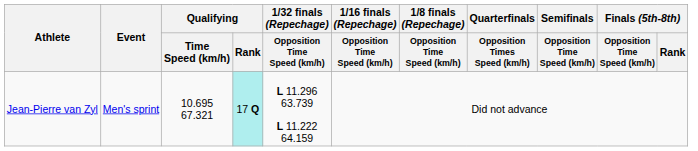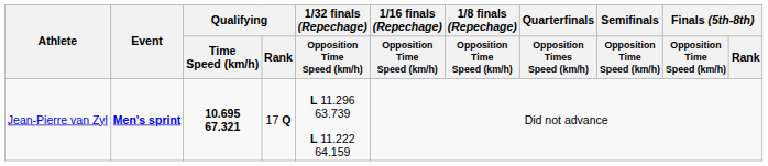 <table class=wikitable style="font-size:90%">
 <tr>
 <th rowspan="2">Athlete</th>
 <th rowspan="2">Event</th>
 <th colspan="2">Qualifying</th>
 <th>1/32 finals<br><em>(Repechage)</em></th>
 <th>1/16 finals<br><em>(Repechage)</em></th>
 <th>1/8 finals<br><em>(Repechage)</em></th>
 <th>Quarterfinals</th>
 <th>Semifinals</th>
 <th colspan="2">Finals <em>(5th-8th)</em></th>
 </tr>
 <tr>
 <th>Time<br>Speed (km/h)</th>
 <th>Rank</th>
 <th style="line-height:1em"><small>Opposition<br>Time<br>Speed (km/h)</small></th>
 <th style="line-height:1em"><small>Opposition<br>Time<br>Speed (km/h)</small></th>
 <th style="line-height:1em"><small>Opposition<br>Time<br>Speed (km/h)</small></th>
 <th style="line-height:1em"><small>Opposition<br>Times<br>Speed (km/h)</small></th>
 <th style="line-height:1em"><small>Opposition<br>Time<br>Speed (km/h)</small></th>
 <th style="line-height:1em"><small>Opposition<br>Time<br>Speed (km/h)</small></th>
 <th>Rank</th>
 </tr>
 <tr>
 <td><a href='#'>Jean-Pierre van Zyl</a></td>
-<td><a href='#'>Men's sprint</a></td>
-<td align=center>10.695<br>67.321</td>
-<td align=center style="background: paleturquoise;">17 <strong>Q</strong></td>
+<td><strong><a href='#'>Men's sprint</a></strong></td>
+<td align=center><strong>10.695<br>67.321</strong></td>
+<td align=center>17 <strong>Q</strong></td>
 <td align=center><br><strong>L</strong> 11.296<br>63.739<br><br><strong>L</strong> 11.222<br>64.159</td>
 <td align=center colspan=6>Did not advance</td>
 </tr>
 </table>
